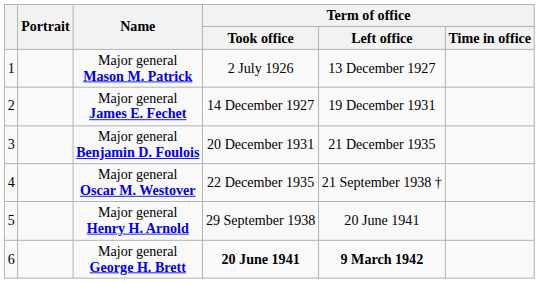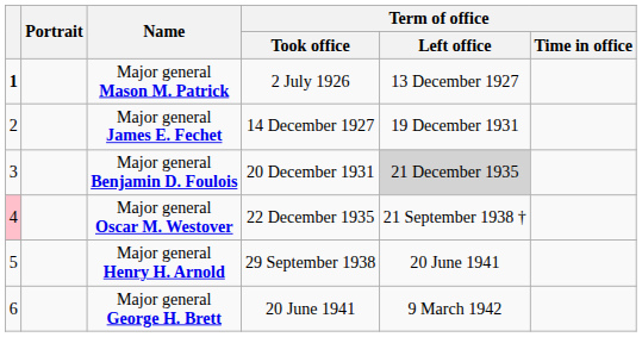 <table class="wikitable" style="text-align:center">
 <tr>
 <th rowspan=2></th>
 <th rowspan=2>Portrait</th>
 <th rowspan=2>Name<br></th>
 <th colspan=3>Term of office</th>
 </tr>
 <tr>
 <th>Took office</th>
 <th>Left office</th>
 <th>Time in office</th>
 </tr>
 <tr>
-<td>1</td>
+<td><strong>1</strong></td>
 <td></td>
 <td>Major general<br><strong><a href='#'>Mason M. Patrick</a></strong><br></td>
 <td>2 July 1926</td>
 <td>13 December 1927</td>
 <td></td>
 </tr>
 <tr>
 <td>2</td>
 <td></td>
 <td>Major general<br><strong><a href='#'>James E. Fechet</a></strong><br></td>
 <td>14 December 1927</td>
 <td>19 December 1931</td>
 <td></td>
 </tr>
 <tr>
 <td>3</td>
 <td></td>
 <td>Major general<br><strong><a href='#'>Benjamin D. Foulois</a></strong><br></td>
 <td>20 December 1931</td>
-<td>21 December 1935</td>
+<td style="background: lightgrey;">21 December 1935</td>
 <td></td>
 </tr>
 <tr>
-<td>4</td>
+<td style="background: pink;">4</td>
 <td></td>
 <td>Major general<br><strong><a href='#'>Oscar M. Westover</a></strong><br></td>
 <td>22 December 1935</td>
 <td>21 September 1938 †</td>
 <td></td>
 </tr>
 <tr>
 <td>5</td>
 <td></td>
 <td>Major general<br><strong><a href='#'>Henry H. Arnold</a></strong><br></td>
 <td>29 September 1938</td>
 <td>20 June 1941</td>
 <td></td>
 </tr>
 <tr>
 <td>6</td>
 <td></td>
 <td>Major general<br><strong><a href='#'>George H. Brett</a></strong><br></td>
-<td><strong>20 June 1941</strong></td>
-<td><strong>9 March 1942</strong></td>
+<td>20 June 1941</td>
+<td>9 March 1942</td>
 <td></td>
 </tr>
 </table>
